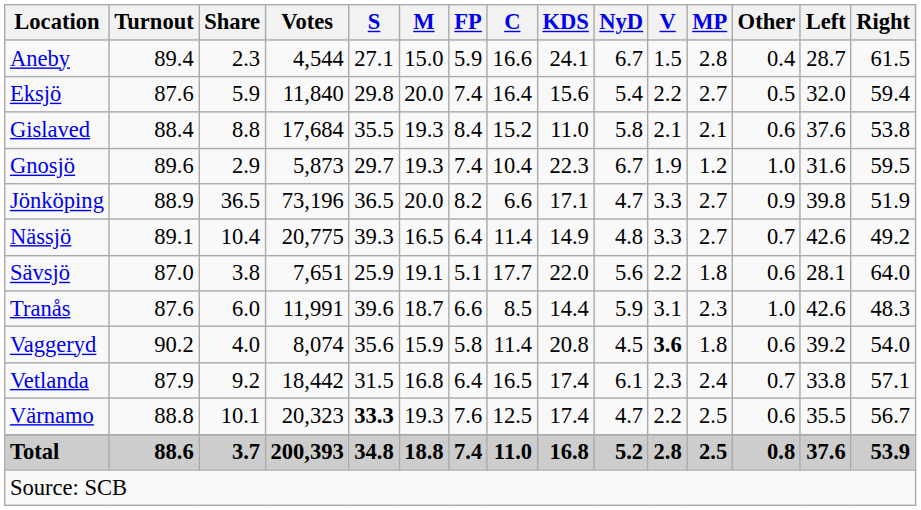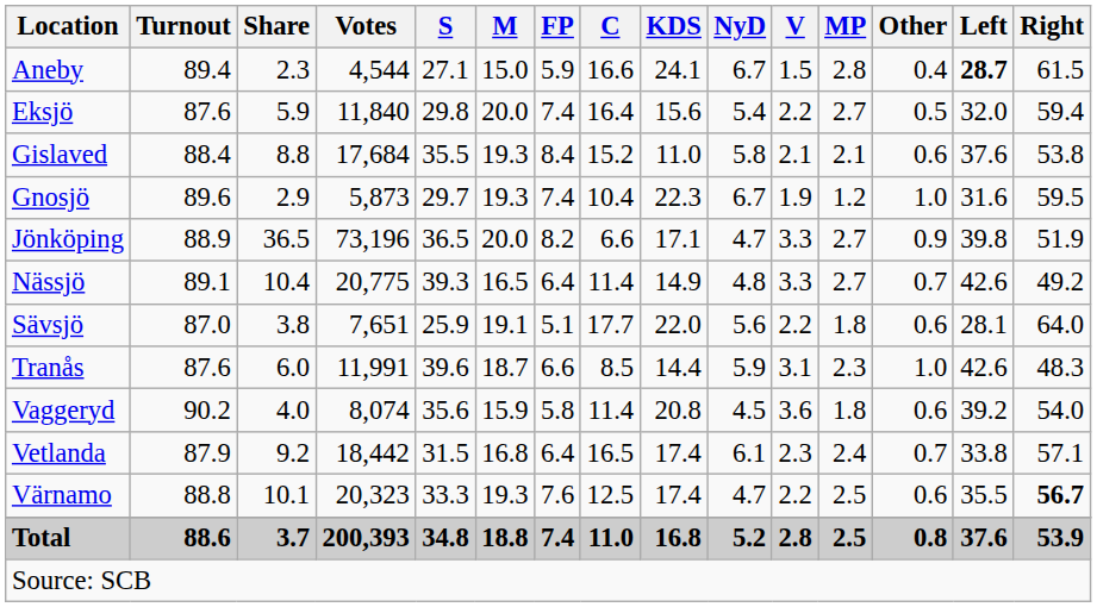 <table class="wikitable sortable" style=text-align:right>
 <tr>
 <th>Location</th>
 <th>Turnout</th>
 <th>Share</th>
 <th>Votes</th>
 <th><a href='#'>S</a></th>
 <th><a href='#'>M</a></th>
 <th><a href='#'>FP</a></th>
 <th><a href='#'>C</a></th>
 <th><a href='#'>KDS</a></th>
 <th><a href='#'>NyD</a></th>
 <th><a href='#'>V</a></th>
 <th><a href='#'>MP</a></th>
 <th>Other</th>
 <th>Left</th>
 <th>Right</th>
 </tr>
 <tr>
 <td align=left><a href='#'>Aneby</a></td>
 <td>89.4</td>
 <td>2.3</td>
 <td>4,544</td>
 <td>27.1</td>
 <td>15.0</td>
 <td>5.9</td>
 <td>16.6</td>
 <td>24.1</td>
 <td>6.7</td>
 <td>1.5</td>
 <td>2.8</td>
 <td>0.4</td>
-<td>28.7</td>
+<td><strong>28.7</strong></td>
 <td>61.5</td>
 </tr>
 <tr>
 <td align=left><a href='#'>Eksjö</a></td>
 <td>87.6</td>
 <td>5.9</td>
 <td>11,840</td>
 <td>29.8</td>
 <td>20.0</td>
 <td>7.4</td>
 <td>16.4</td>
 <td>15.6</td>
 <td>5.4</td>
 <td>2.2</td>
 <td>2.7</td>
 <td>0.5</td>
 <td>32.0</td>
 <td>59.4</td>
 </tr>
 <tr>
 <td align=left><a href='#'>Gislaved</a></td>
 <td>88.4</td>
 <td>8.8</td>
 <td>17,684</td>
 <td>35.5</td>
 <td>19.3</td>
 <td>8.4</td>
 <td>15.2</td>
 <td>11.0</td>
 <td>5.8</td>
 <td>2.1</td>
 <td>2.1</td>
 <td>0.6</td>
 <td>37.6</td>
 <td>53.8</td>
 </tr>
 <tr>
 <td align=left><a href='#'>Gnosjö</a></td>
 <td>89.6</td>
 <td>2.9</td>
 <td>5,873</td>
 <td>29.7</td>
 <td>19.3</td>
 <td>7.4</td>
 <td>10.4</td>
 <td>22.3</td>
 <td>6.7</td>
 <td>1.9</td>
 <td>1.2</td>
 <td>1.0</td>
 <td>31.6</td>
 <td>59.5</td>
 </tr>
 <tr>
 <td align=left><a href='#'>Jönköping</a></td>
 <td>88.9</td>
 <td>36.5</td>
 <td>73,196</td>
 <td>36.5</td>
 <td>20.0</td>
 <td>8.2</td>
 <td>6.6</td>
 <td>17.1</td>
 <td>4.7</td>
 <td>3.3</td>
 <td>2.7</td>
 <td>0.9</td>
 <td>39.8</td>
 <td>51.9</td>
 </tr>
 <tr>
 <td align=left><a href='#'>Nässjö</a></td>
 <td>89.1</td>
 <td>10.4</td>
 <td>20,775</td>
 <td>39.3</td>
 <td>16.5</td>
 <td>6.4</td>
 <td>11.4</td>
 <td>14.9</td>
 <td>4.8</td>
 <td>3.3</td>
 <td>2.7</td>
 <td>0.7</td>
 <td>42.6</td>
 <td>49.2</td>
 </tr>
 <tr>
 <td align=left><a href='#'>Sävsjö</a></td>
 <td>87.0</td>
 <td>3.8</td>
 <td>7,651</td>
 <td>25.9</td>
 <td>19.1</td>
 <td>5.1</td>
 <td>17.7</td>
 <td>22.0</td>
 <td>5.6</td>
 <td>2.2</td>
 <td>1.8</td>
 <td>0.6</td>
 <td>28.1</td>
 <td>64.0</td>
 </tr>
 <tr>
 <td align=left><a href='#'>Tranås</a></td>
 <td>87.6</td>
 <td>6.0</td>
 <td>11,991</td>
 <td>39.6</td>
 <td>18.7</td>
 <td>6.6</td>
 <td>8.5</td>
 <td>14.4</td>
 <td>5.9</td>
 <td>3.1</td>
 <td>2.3</td>
 <td>1.0</td>
 <td>42.6</td>
 <td>48.3</td>
 </tr>
 <tr>
 <td align=left><a href='#'>Vaggeryd</a></td>
 <td>90.2</td>
 <td>4.0</td>
 <td>8,074</td>
 <td>35.6</td>
 <td>15.9</td>
 <td>5.8</td>
 <td>11.4</td>
 <td>20.8</td>
 <td>4.5</td>
-<td><strong>3.6</strong></td>
+<td>3.6</td>
 <td>1.8</td>
 <td>0.6</td>
 <td>39.2</td>
 <td>54.0</td>
 </tr>
 <tr>
 <td align=left><a href='#'>Vetlanda</a></td>
 <td>87.9</td>
 <td>9.2</td>
 <td>18,442</td>
 <td>31.5</td>
 <td>16.8</td>
 <td>6.4</td>
 <td>16.5</td>
 <td>17.4</td>
 <td>6.1</td>
 <td>2.3</td>
 <td>2.4</td>
 <td>0.7</td>
 <td>33.8</td>
 <td>57.1</td>
 </tr>
 <tr>
 <td align=left><a href='#'>Värnamo</a></td>
 <td>88.8</td>
 <td>10.1</td>
 <td>20,323</td>
-<td><strong>33.3</strong></td>
+<td>33.3</td>
 <td>19.3</td>
 <td>7.6</td>
 <td>12.5</td>
 <td>17.4</td>
 <td>4.7</td>
 <td>2.2</td>
 <td>2.5</td>
 <td>0.6</td>
 <td>35.5</td>
-<td>56.7</td>
+<td><strong>56.7</strong></td>
 </tr>
 <tr>
 </tr>
 <tr style="background:#CDCDCD;">
 <td align=left><strong>Total</strong></td>
 <td><strong>88.6</strong></td>
 <td><strong>3.7</strong></td>
 <td><strong>200,393</strong></td>
 <td><strong>34.8</strong></td>
 <td><strong>18.8</strong></td>
 <td><strong>7.4</strong></td>
 <td><strong>11.0</strong></td>
 <td><strong>16.8</strong></td>
 <td><strong>5.2</strong></td>
 <td><strong>2.8</strong></td>
 <td><strong>2.5</strong></td>
 <td><strong>0.8</strong></td>
 <td><strong>37.6</strong></td>
 <td><strong>53.9</strong></td>
 </tr>
 <tr>
 <td align=left colspan=15>Source: SCB </td>
 </tr>
 </table>
